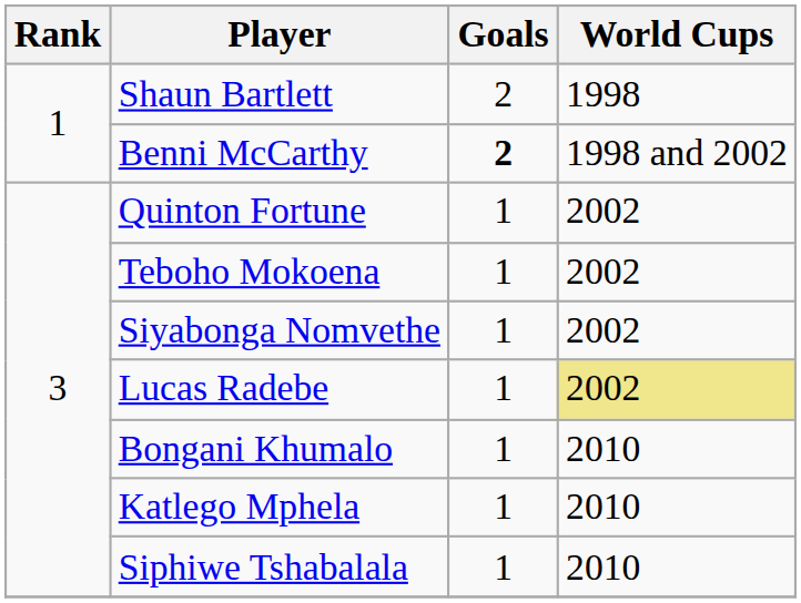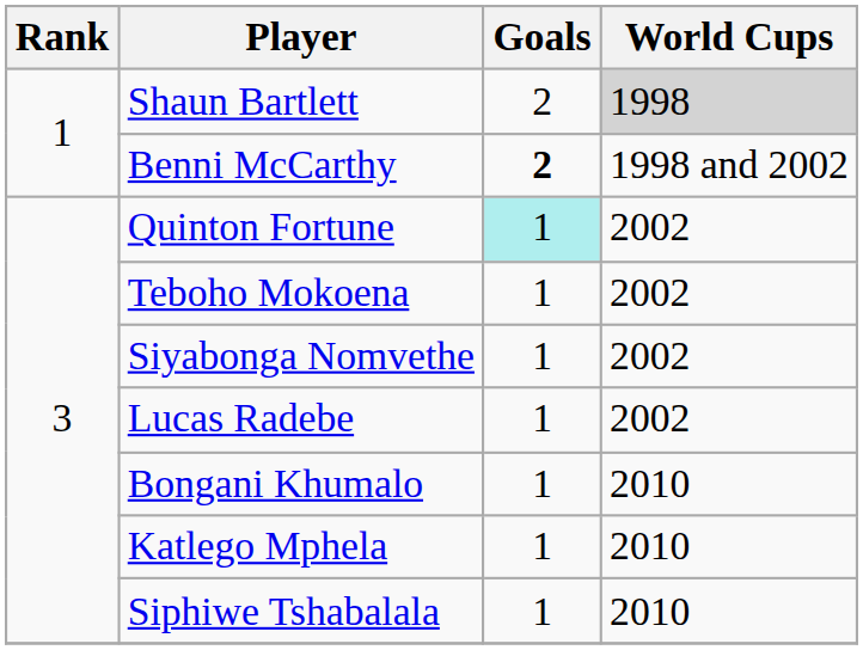 <table class="wikitable" style="text-align: left;">
 <tr>
 <th>Rank</th>
 <th>Player</th>
 <th>Goals</th>
 <th>World Cups</th>
 </tr>
 <tr>
 <td rowspan=2 align=center>1</td>
 <td><a href='#'>Shaun Bartlett</a></td>
 <td align=center>2</td>
-<td>1998</td>
+<td style="background: lightgrey;">1998</td>
 </tr>
 <tr>
 <td><a href='#'>Benni McCarthy</a></td>
 <td align=center><strong>2</strong></td>
 <td>1998 and 2002</td>
 </tr>
 <tr>
 <td rowspan=7 align=center>3</td>
 <td><a href='#'>Quinton Fortune</a></td>
-<td align=center>1</td>
+<td align=center style="background: paleturquoise;">1</td>
 <td>2002</td>
 </tr>
 <tr>
 <td><a href='#'>Teboho Mokoena</a></td>
 <td align=center>1</td>
 <td>2002</td>
 </tr>
 <tr>
 <td><a href='#'>Siyabonga Nomvethe</a></td>
 <td align=center>1</td>
 <td>2002</td>
 </tr>
 <tr>
 <td><a href='#'>Lucas Radebe</a></td>
 <td align=center>1</td>
-<td style="background: khaki;">2002</td>
+<td>2002</td>
 </tr>
 <tr>
 <td><a href='#'>Bongani Khumalo</a></td>
 <td align=center>1</td>
 <td>2010</td>
 </tr>
 <tr>
 <td><a href='#'>Katlego Mphela</a></td>
 <td align=center>1</td>
 <td>2010</td>
 </tr>
 <tr>
 <td><a href='#'>Siphiwe Tshabalala</a></td>
 <td align=center>1</td>
 <td>2010</td>
 </tr>
 <tr>
 </tr>
 </table>
